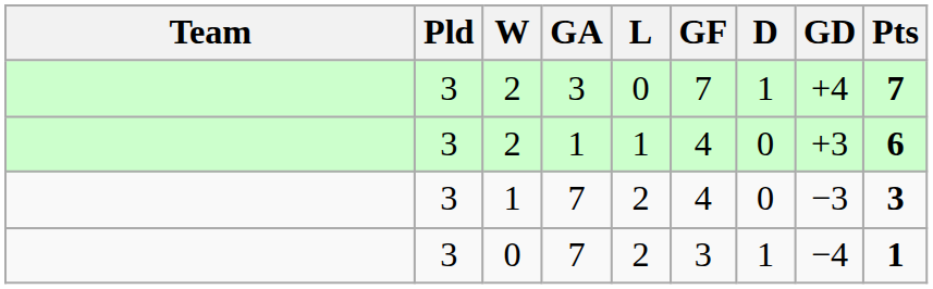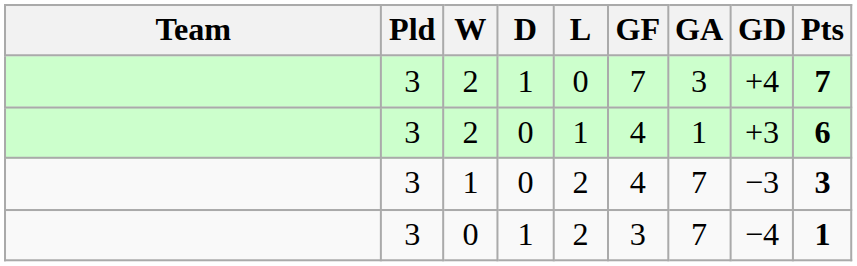 <table class="wikitable" style="text-align:center;">
 <tr>
 <th width=180>Team</th>
 <th width=20>Pld</th>
 <th width=20>W</th>
-<th width=20>GA</th>
+<th width=20>D</th>
 <th width=20>L</th>
 <th width=20>GF</th>
-<th width=20>D</th>
+<th width=20>GA</th>
 <th width=20>GD</th>
 <th width=20>Pts</th>
 </tr>
 <tr align=center style="background:#ccffcc;">
 <td style="text-align:left;"></td>
 <td>3</td>
 <td>2</td>
-<td>3</td>
+<td>1</td>
 <td>0</td>
 <td>7</td>
-<td>1</td>
+<td>3</td>
 <td>+4</td>
 <td><strong>7</strong></td>
 </tr>
 <tr align=center style="background:#ccffcc;">
 <td style="text-align:left;"></td>
 <td>3</td>
 <td>2</td>
-<td>1</td>
+<td>0</td>
 <td>1</td>
 <td>4</td>
-<td>0</td>
+<td>1</td>
 <td>+3</td>
 <td><strong>6</strong></td>
 </tr>
 <tr align=center>
 <td style="text-align:left;"></td>
 <td>3</td>
 <td>1</td>
-<td>7</td>
+<td>0</td>
 <td>2</td>
 <td>4</td>
-<td>0</td>
+<td>7</td>
 <td>−3</td>
 <td><strong>3</strong></td>
 </tr>
 <tr align=center>
 <td style="text-align:left;"></td>
 <td>3</td>
 <td>0</td>
-<td>7</td>
+<td>1</td>
 <td>2</td>
 <td>3</td>
-<td>1</td>
+<td>7</td>
 <td>−4</td>
 <td><strong>1</strong></td>
 </tr>
 </table>
